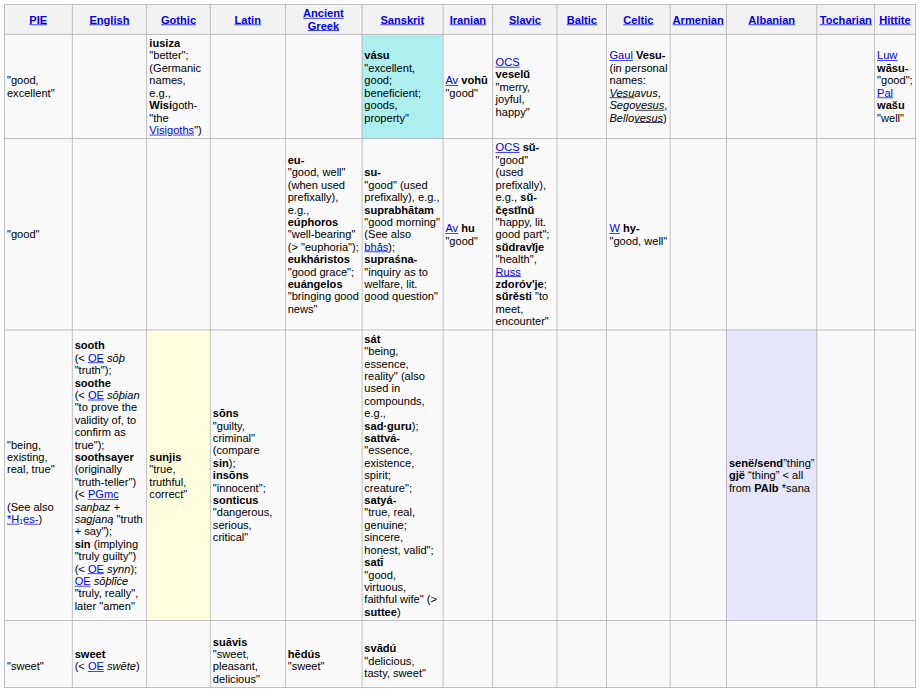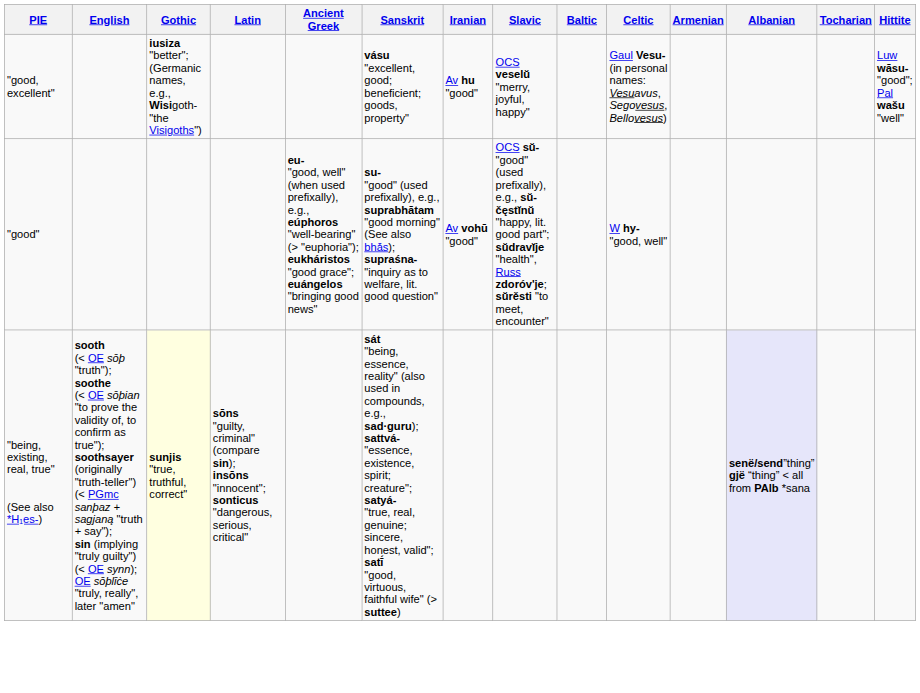 <table class="wikitable sticky-header" style="font-size:95%;">
 <tr>
 <th width="10%"><a href='#'>PIE</a></th>
 <th width="10%"><a href='#'>English</a></th>
 <th width="8%"><a href='#'>Gothic</a></th>
 <th width="10%"><a href='#'>Latin</a></th>
 <th width="10%"><a href='#'>Ancient Greek</a></th>
 <th width="10%"><a href='#'>Sanskrit</a></th>
 <th width="7%"><a href='#'>Iranian</a></th>
 <th width="8%"><a href='#'>Slavic</a></th>
 <th width="8%"><a href='#'>Baltic</a></th>
 <th width="5%"><a href='#'>Celtic</a></th>
 <th width="5%"><a href='#'>Armenian</a></th>
 <th width="5%"><a href='#'>Albanian</a></th>
 <th width="5%"><a href='#'>Tocharian</a></th>
 <th width="7%"><a href='#'>Hittite</a></th>
 </tr>
 <tr>
 <td> <strong></strong><br> "good, excellent" <br><br></td>
 <td></td>
 <td><strong>iusiza</strong><br> "better";<br>(Germanic names, e.g., <strong>Wisi</strong>goth-<br> "the <a href='#'>Visigoths</a>")</td>
 <td></td>
 <td></td>
-<td style="background: paleturquoise;"><strong>vásu</strong><br> "excellent, good; beneficient; goods, property"</td>
-<td><a href='#'>Av</a> <strong>vohū</strong> "good"</td>
+<td><strong>vásu</strong><br> "excellent, good; beneficient; goods, property"</td>
+<td> <a href='#'>Av</a> <strong>hu</strong> "good"</td>
 <td><a href='#'>OCS</a> <strong>veselŭ</strong> "merry, joyful, happy"</td>
 <td></td>
 <td> <a href='#'>Gaul</a> <strong>Vesu-</strong> (in personal names: <em><u>Vesu</u>avus</em>, <em>Sego<u>vesus</u></em>, <em>Bello<u>vesus</u></em>)</td>
 <td></td>
 <td></td>
 <td></td>
 <td> <a href='#'>Luw</a> <strong>wāsu-</strong> "good"; <a href='#'>Pal</a> <strong>wašu</strong> "well"</td>
 </tr>
 <tr>
 <td> <strong></strong><br> "good" <br><br></td>
 <td></td>
 <td></td>
 <td></td>
 <td><strong>eu-</strong><br> "good, well" (when used prefixally), e.g., <br><strong>eúphoros</strong><br> "well-bearing" (> "euphoria");<br><strong>eukháristos</strong><br> "good grace";<br><strong>euángelos</strong><br> "bringing good news"</td>
 <td><strong>su-</strong><br> "good" (used prefixally), e.g., <br><strong>suprabhātam</strong><br> "good morning" (See also <a href='#'>bhā́s</a>);<br><strong>supraśna-</strong><br> "inquiry as to welfare, lit. good question"</td>
-<td> <a href='#'>Av</a> <strong>hu</strong> "good"</td>
+<td><a href='#'>Av</a> <strong>vohū</strong> "good"</td>
 <td><a href='#'>OCS</a> <strong>sŭ-</strong> "good" (used prefixally), e.g., <strong>sŭ-čęstĭnŭ</strong> "happy, lit. good part"; <strong>sŭdravĭje</strong> "health", <a href='#'>Russ</a> <strong>zdoróv'je</strong>;<br><strong>sŭrěsti</strong> "to meet, encounter"</td>
 <td></td>
 <td><a href='#'>W</a> <strong>hy-</strong> "good, well"</td>
 <td></td>
 <td></td>
 <td></td>
 <td></td>
 </tr>
 <tr>
 <td> <strong></strong><br> "being, existing, real, true" <br><br><br>(See also <a href='#'>*H₁es-</a>)</td>
 <td><strong>sooth</strong> <br> (< <a href='#'>OE</a> <em>sōþ</em> "truth");<br><strong>soothe</strong> <br> (< <a href='#'>OE</a> <em>sōþian</em> "to prove the validity of, to confirm as true");<br><strong>soothsayer</strong> (originally "truth-teller") <br> (< <a href='#'>PGmc</a> <em>sanþaz + sagjaną</em> "truth + say");<br><strong>sin</strong> (implying "truly guilty") <br> (< <a href='#'>OE</a> <em>synn</em>);<br><a href='#'>OE</a> <em>sōþlīċe</em> "truly, really", later "amen"</td>
 <td style="background: lightyellow;"><strong>sunjis</strong><br> "true, truthful, correct"</td>
 <td><strong>sōns</strong><br> "guilty, criminal" (compare <strong>sin</strong>);<br><strong>insōns</strong><br> "innocent";<br><strong>sonticus</strong><br> "dangerous, serious, critical"</td>
 <td></td>
 <td><strong>sát</strong><br> "being, essence, reality" (also used in compounds, e.g., <strong>sad·guru</strong>);<br><strong>sattvá-</strong><br> "essence, existence, spirit; creature";<br><strong>satyá-</strong><br> "true, real, genuine; sincere, honest, valid";<br><strong>satī́</strong><br> "good, virtuous, faithful wife" (> <strong>suttee</strong>)</td>
 <td></td>
 <td></td>
 <td></td>
 <td></td>
 <td></td>
 <td style="background: lavender;"><strong>senë/send</strong>”thing”<br><strong>gjë</strong> “thing” < all from <strong>PAlb</strong> *sana</td>
 <td></td>
 <td></td>
 </tr>
-<tr>
-<td><br>  <strong></strong><br> "sweet" <br>   </td>
-<td><br><strong>sweet</strong> <br> (< <a href='#'>OE</a> <em>swēte</em>)</td>
-<td></td>
-<td><br><strong>suāvis</strong><br> "sweet, pleasant, delicious"</td>
-<td><br><strong>hēdús</strong><br> "sweet"</td>
-<td><br><strong>svādú</strong><br> "delicious, tasty, sweet"</td>
-<td></td>
-<td></td>
-<td></td>
-<td></td>
-<td></td>
-<td></td>
-<td></td>
-<td></td>
-</tr>
 </table>
